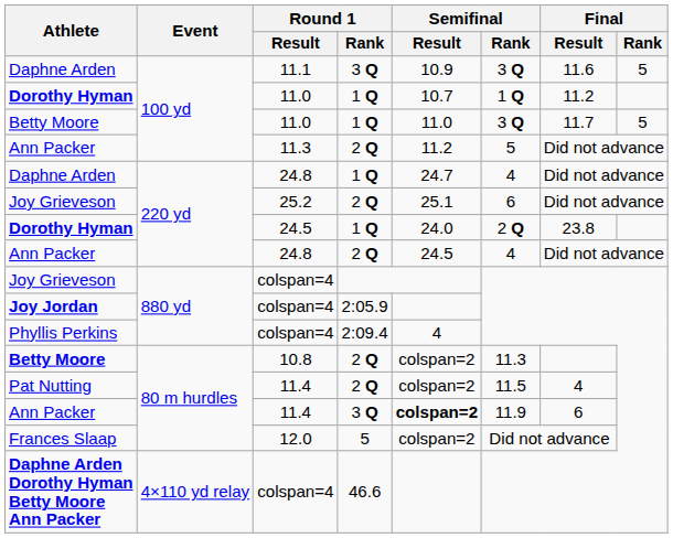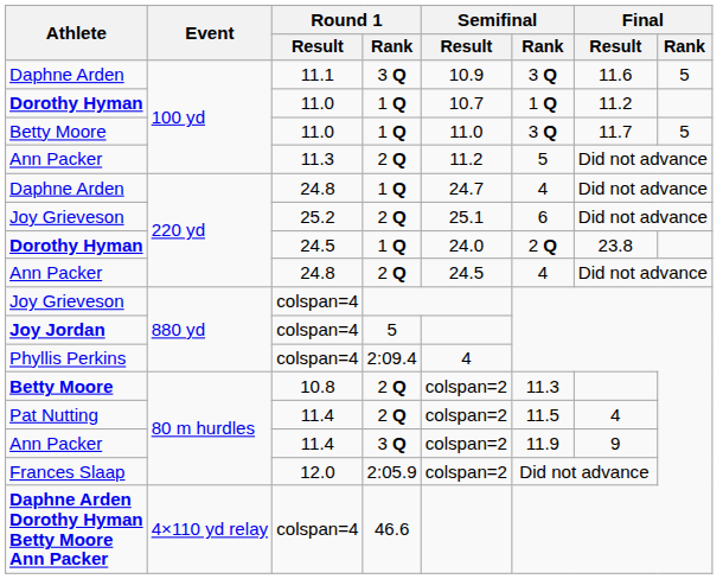 <table class=wikitable style=font-size:90%>
 <tr>
 <th rowspan=2>Athlete</th>
 <th rowspan=2>Event</th>
 <th colspan=2>Round 1</th>
 <th colspan=2>Semifinal</th>
 <th colspan=2>Final</th>
 </tr>
 <tr style=font-size:95%>
 <th>Result</th>
 <th>Rank</th>
 <th>Result</th>
 <th>Rank</th>
 <th>Result</th>
 <th>Rank</th>
 </tr>
 <tr align=center>
 <td align=left><a href='#'>Daphne Arden</a></td>
 <td align=left rowspan=4><a href='#'>100 yd</a></td>
 <td>11.1</td>
 <td>3 <strong>Q</strong></td>
 <td>10.9</td>
 <td>3 <strong>Q</strong></td>
 <td>11.6</td>
 <td>5</td>
 </tr>
 <tr align=center>
 <td align=left><strong><a href='#'>Dorothy Hyman</a></strong></td>
 <td>11.0</td>
 <td>1 <strong>Q</strong></td>
 <td>10.7</td>
 <td>1 <strong>Q</strong></td>
 <td>11.2</td>
 <td></td>
 </tr>
 <tr align=center>
 <td align=left><a href='#'>Betty Moore</a></td>
 <td>11.0</td>
 <td>1 <strong>Q</strong></td>
 <td>11.0</td>
 <td>3 <strong>Q</strong></td>
 <td>11.7</td>
 <td>5</td>
 </tr>
 <tr align=center>
 <td align=left><a href='#'>Ann Packer</a></td>
 <td>11.3</td>
 <td>2 <strong>Q</strong></td>
 <td>11.2</td>
 <td>5</td>
 <td colspan=2>Did not advance</td>
 </tr>
 <tr align=center>
 <td align=left><a href='#'>Daphne Arden</a></td>
 <td align=left rowspan=4><a href='#'>220 yd</a></td>
 <td>24.8</td>
 <td>1 <strong>Q</strong></td>
 <td>24.7</td>
 <td>4</td>
 <td colspan=2>Did not advance</td>
 </tr>
 <tr align=center>
 <td align=left><a href='#'>Joy Grieveson</a></td>
 <td>25.2</td>
 <td>2 <strong>Q</strong></td>
 <td>25.1</td>
 <td>6</td>
 <td colspan=2>Did not advance</td>
 </tr>
 <tr align=center>
 <td align=left><strong><a href='#'>Dorothy Hyman</a></strong></td>
 <td>24.5</td>
 <td>1 <strong>Q</strong></td>
 <td>24.0</td>
 <td>2 <strong>Q</strong></td>
 <td>23.8</td>
 <td></td>
 </tr>
 <tr align=center>
 <td align=left><a href='#'>Ann Packer</a></td>
 <td>24.8</td>
 <td>2 <strong>Q</strong></td>
 <td>24.5</td>
 <td>4</td>
 <td colspan=2>Did not advance</td>
 </tr>
 <tr align=center>
 <td align=left><a href='#'>Joy Grieveson</a></td>
 <td align=left rowspan=3><a href='#'>880 yd</a></td>
 <td>colspan=4 </td>
 <td colspan=2></td>
 </tr>
 <tr align=center>
 <td align=left><strong><a href='#'>Joy Jordan</a></strong></td>
 <td>colspan=4 </td>
-<td>2:05.9</td>
+<td>5</td>
 <td></td>
 </tr>
 <tr align=center>
 <td align=left><a href='#'>Phyllis Perkins</a></td>
 <td>colspan=4 </td>
 <td>2:09.4</td>
 <td>4</td>
 </tr>
 <tr align=center>
 <td align=left><strong><a href='#'>Betty Moore</a></strong></td>
 <td align=left rowspan=4><a href='#'>80 m hurdles</a></td>
 <td>10.8</td>
 <td>2 <strong>Q</strong></td>
 <td>colspan=2 </td>
 <td>11.3</td>
 <td></td>
 </tr>
 <tr align=center>
 <td align=left><a href='#'>Pat Nutting</a></td>
 <td>11.4</td>
 <td>2 <strong>Q</strong></td>
 <td>colspan=2 </td>
 <td>11.5</td>
 <td>4</td>
 </tr>
 <tr align=center>
 <td align=left><a href='#'>Ann Packer</a></td>
 <td>11.4</td>
 <td>3 <strong>Q</strong></td>
-<td><strong>colspan=2 </strong></td>
+<td>colspan=2 </td>
 <td>11.9</td>
-<td>6</td>
+<td>9</td>
 </tr>
 <tr align=center>
 <td align=left><a href='#'>Frances Slaap</a></td>
 <td>12.0</td>
-<td>5</td>
+<td>2:05.9</td>
 <td>colspan=2 </td>
 <td colspan=2>Did not advance</td>
 </tr>
 <tr align=center>
 <td align=left><strong><a href='#'>Daphne Arden</a><br><a href='#'>Dorothy Hyman</a><br><a href='#'>Betty Moore</a><br><a href='#'>Ann Packer</a></strong></td>
 <td align=left><a href='#'>4×110 yd relay</a></td>
 <td>colspan=4 </td>
 <td>46.6</td>
 <td></td>
 </tr>
 </table>
